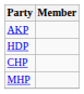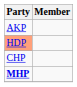 <table class="wikitable">
 <tr>
 <th>Party</th>
 <th colspan="2">Member</th>
 </tr>
 <tr>
 <td><a href='#'>AKP</a></td>
 <td></td>
 </tr>
 <tr>
-<td><a href='#'>HDP</a></td>
+<td style="background: lightsalmon;"><a href='#'>HDP</a></td>
 <td></td>
 </tr>
 <tr>
 <td><a href='#'>CHP</a></td>
 <td></td>
 </tr>
 <tr>
-<td><a href='#'>MHP</a></td>
+<td><strong><a href='#'>MHP</a></strong></td>
 <td></td>
 </tr>
 <tr>
 </tr>
 </table>
